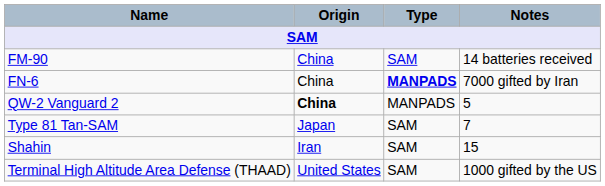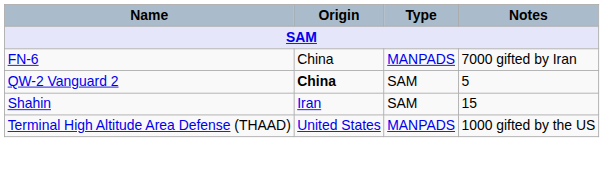 <table class="wikitable">
 <tr>
 <th style="text-align:center; background:#aabccc;">Name</th>
 <th style="text-align: center; background:#aabccc;">Origin</th>
 <th style="text-align:l center; background:#aabccc;">Type</th>
 <th style="text-align: center; background:#aabccc;">Notes</th>
 </tr>
 <tr>
 <th style="align: center; background: lavender;" colspan="4"><a href='#'>SAM</a></th>
 </tr>
 <tr>
-<td><a href='#'>FM-90</a></td>
-<td><a href='#'>China</a></td>
-<td><a href='#'>SAM</a></td>
-<td>14 batteries received</td>
-</tr>
-<tr>
 <td><a href='#'>FN-6</a></td>
 <td>China</td>
-<td><strong><a href='#'>MANPADS</a></strong></td>
+<td><a href='#'>MANPADS</a></td>
 <td>7000 gifted by Iran</td>
 </tr>
 <tr>
 <td><a href='#'>QW-2 Vanguard 2</a></td>
 <td><strong>China</strong></td>
-<td>MANPADS</td>
+<td>SAM</td>
 <td>5</td>
-</tr>
-<tr>
-<td><a href='#'>Type 81 Tan-SAM</a></td>
-<td><a href='#'>Japan</a></td>
-<td>SAM</td>
-<td>7</td>
 </tr>
 <tr>
 <td><a href='#'>Shahin</a></td>
 <td><a href='#'>Iran</a></td>
 <td>SAM</td>
 <td>15</td>
 </tr>
 <tr>
 <td><a href='#'>Terminal High Altitude Area Defense</a> (THAAD)</td>
 <td><a href='#'>United States</a></td>
-<td>SAM</td>
+<td><a href='#'>MANPADS</a></td>
 <td>1000 gifted by the US</td>
 </tr>
 </table>
